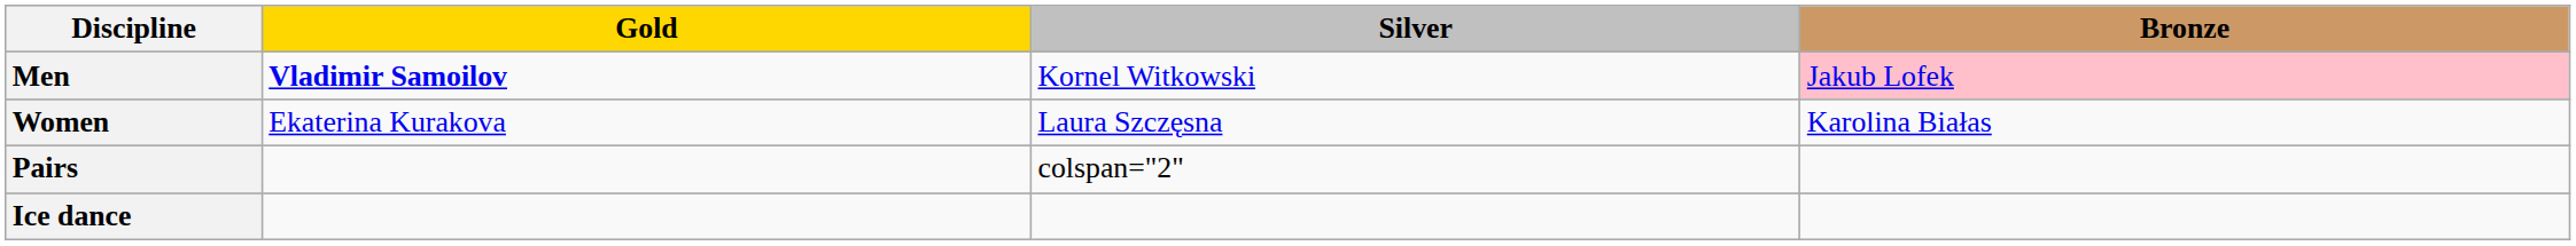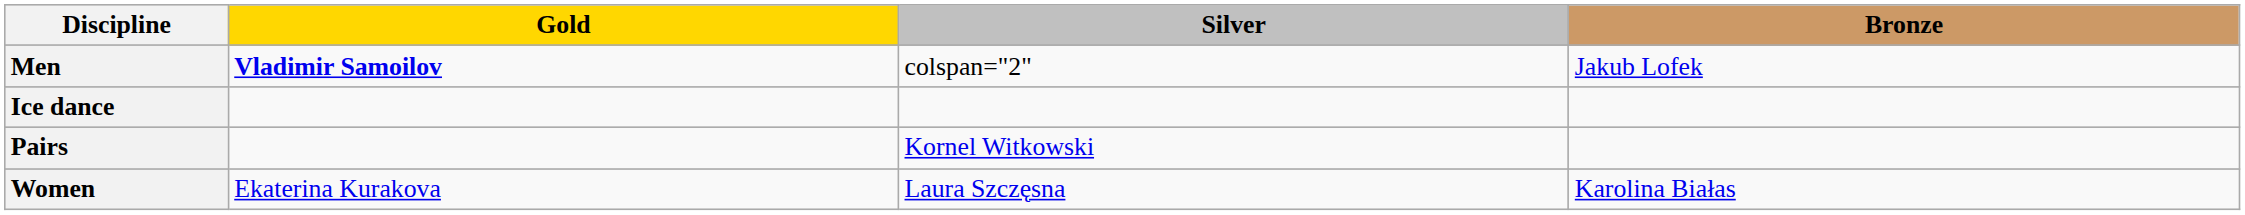 <table class="wikitable unsortable" style="text-align:left; width:70%">
 <tr>
 <th scope="col">Discipline</th>
 <td scope="col" style="text-align:center; width:30%; background:gold"><strong>Gold</strong></td>
 <td scope="col" style="text-align:center; width:30%; background:silver"><strong>Silver</strong></td>
 <td scope="col" style="text-align:center; width:30%; background:#c96"><strong>Bronze</strong></td>
 </tr>
 <tr>
 <th scope="row" style="text-align:left">Men</th>
 <td><strong><a href='#'>Vladimir Samoilov</a></strong></td>
+<td>colspan="2" </td>
+<td><a href='#'>Jakub Lofek</a></td>
+</tr>
+<tr>
+<th scope="row" style="text-align:left">Ice dance</th>
+<td></td>
+<td></td>
+<td></td>
+</tr>
+<tr>
+<th scope="row" style="text-align:left">Pairs</th>
+<td></td>
 <td><a href='#'>Kornel Witkowski</a></td>
-<td style="background: pink;"><a href='#'>Jakub Lofek</a></td>
 </tr>
 <tr>
 <th scope="row" style="text-align:left">Women</th>
 <td><a href='#'>Ekaterina Kurakova</a></td>
 <td><a href='#'>Laura Szczęsna</a></td>
 <td><a href='#'>Karolina Białas</a></td>
 </tr>
-<tr>
-<th scope="row" style="text-align:left">Pairs</th>
-<td></td>
-<td>colspan="2" </td>
-</tr>
-<tr>
-<th scope="row" style="text-align:left">Ice dance</th>
-<td></td>
-<td></td>
-<td></td>
-</tr>
 </table>
